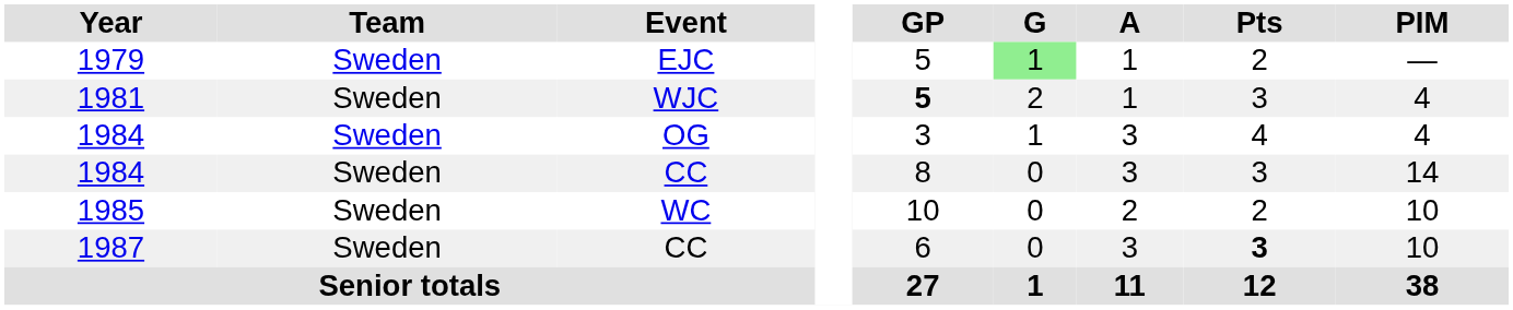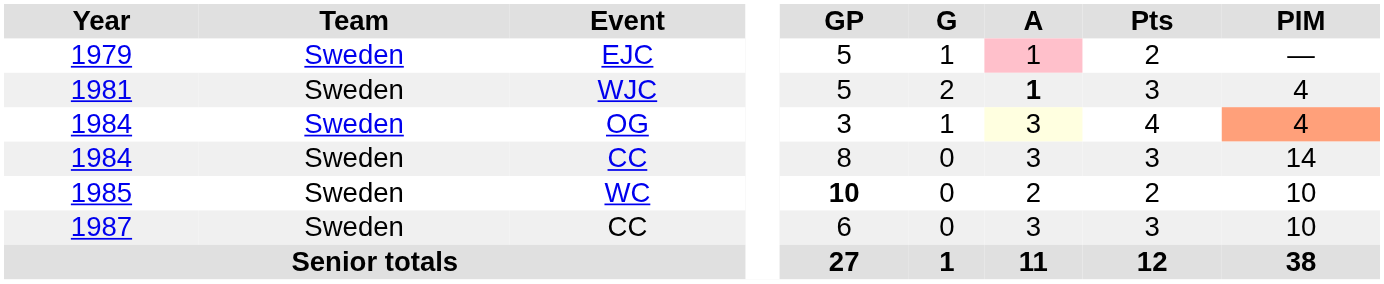 <table border="0" cellpadding="1" cellspacing="0" style="text-align:center; width:50em">
 <tr ALIGN="center" bgcolor="#e0e0e0">
 <th>Year</th>
 <th>Team</th>
 <th>Event</th>
 <th rowspan="99" bgcolor="#ffffff"> </th>
 <th>GP</th>
 <th>G</th>
 <th>A</th>
 <th>Pts</th>
 <th>PIM</th>
 </tr>
 <tr>
 <td><a href='#'>1979</a></td>
 <td><a href='#'>Sweden</a></td>
 <td><a href='#'>EJC</a></td>
 <td>5</td>
-<td style="background: lightgreen;">1</td>
 <td>1</td>
+<td style="background: pink;">1</td>
 <td>2</td>
 <td>—</td>
 </tr>
 <tr bgcolor="#f0f0f0">
 <td><a href='#'>1981</a></td>
 <td>Sweden</td>
 <td><a href='#'>WJC</a></td>
-<td><strong>5</strong></td>
+<td>5</td>
 <td>2</td>
-<td>1</td>
+<td><strong>1</strong></td>
 <td>3</td>
 <td>4</td>
 </tr>
 <tr>
 <td><a href='#'>1984</a></td>
 <td><a href='#'>Sweden</a></td>
 <td><a href='#'>OG</a></td>
 <td>3</td>
 <td>1</td>
-<td>3</td>
+<td style="background: lightyellow;">3</td>
 <td>4</td>
-<td>4</td>
+<td style="background: lightsalmon;">4</td>
 </tr>
 <tr bgcolor="#f0f0f0">
 <td><a href='#'>1984</a></td>
 <td>Sweden</td>
 <td><a href='#'>CC</a></td>
 <td>8</td>
 <td>0</td>
 <td>3</td>
 <td>3</td>
 <td>14</td>
 </tr>
 <tr>
 <td><a href='#'>1985</a></td>
 <td>Sweden</td>
 <td><a href='#'>WC</a></td>
-<td>10</td>
+<td><strong>10</strong></td>
 <td>0</td>
 <td>2</td>
 <td>2</td>
 <td>10</td>
 </tr>
 <tr bgcolor="#f0f0f0">
 <td><a href='#'>1987</a></td>
 <td>Sweden</td>
 <td>CC</td>
 <td>6</td>
 <td>0</td>
 <td>3</td>
-<td><strong>3</strong></td>
+<td>3</td>
 <td>10</td>
 </tr>
 <tr bgcolor="#e0e0e0">
 <th colspan="3">Senior totals</th>
 <th>27</th>
 <th>1</th>
 <th>11</th>
 <th>12</th>
 <th>38</th>
 </tr>
 </table>
